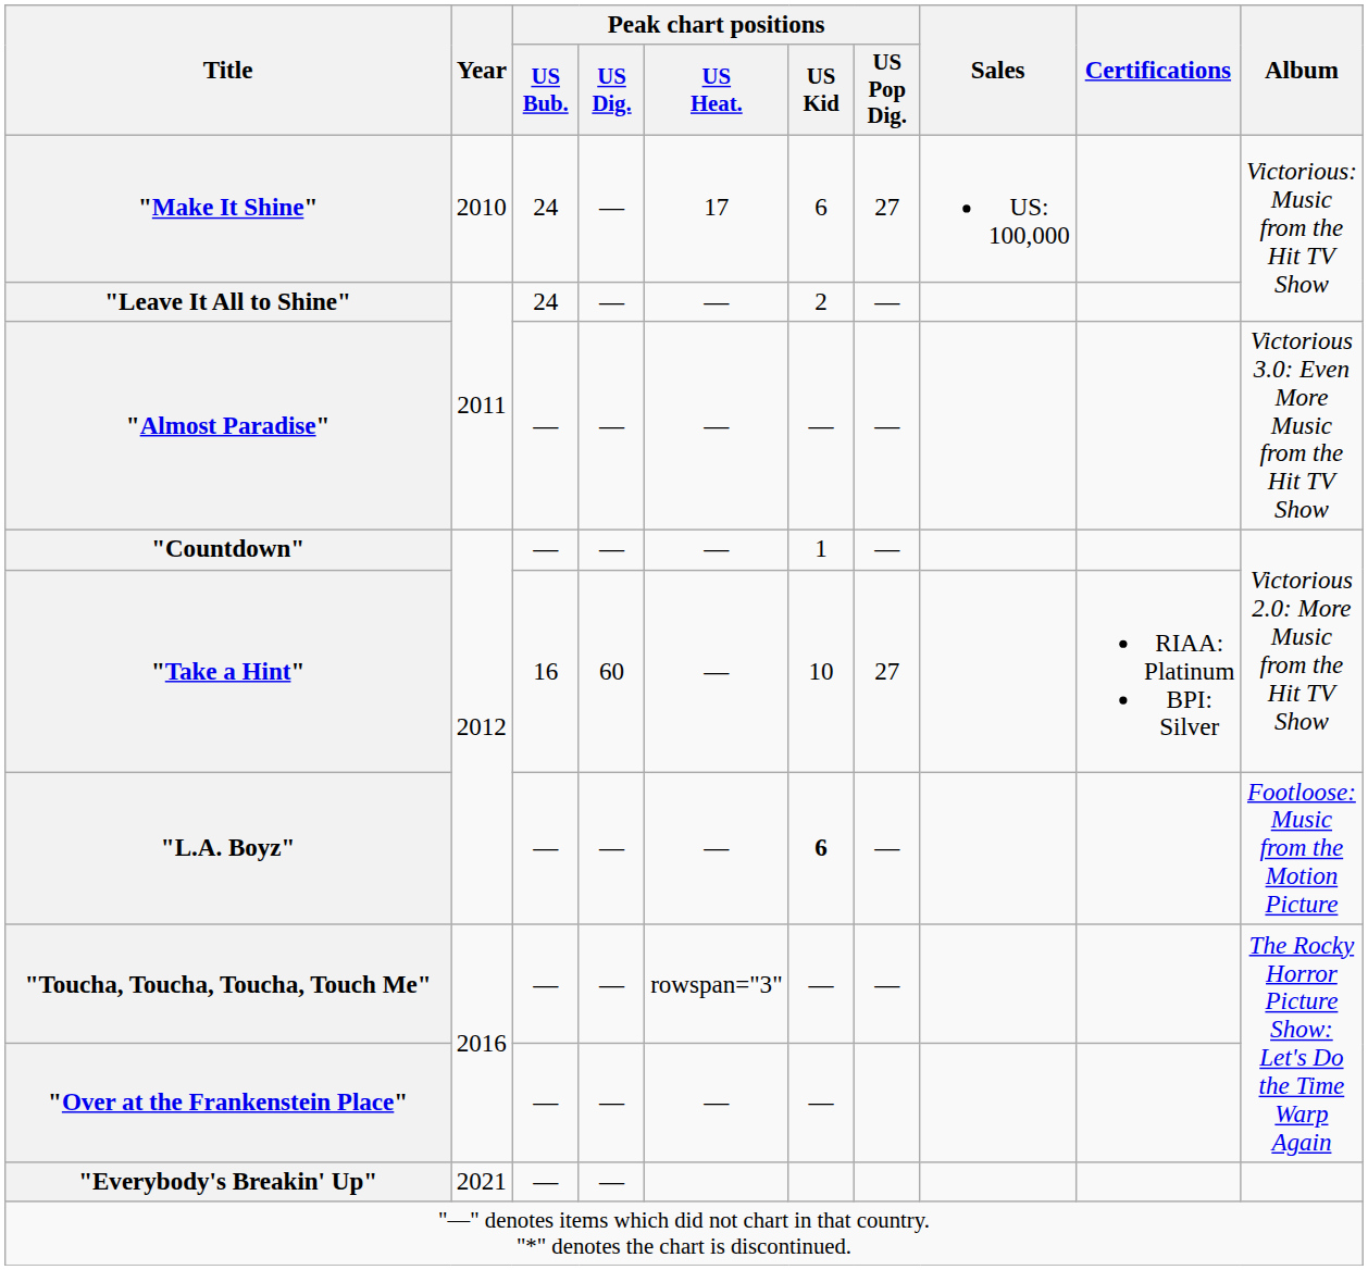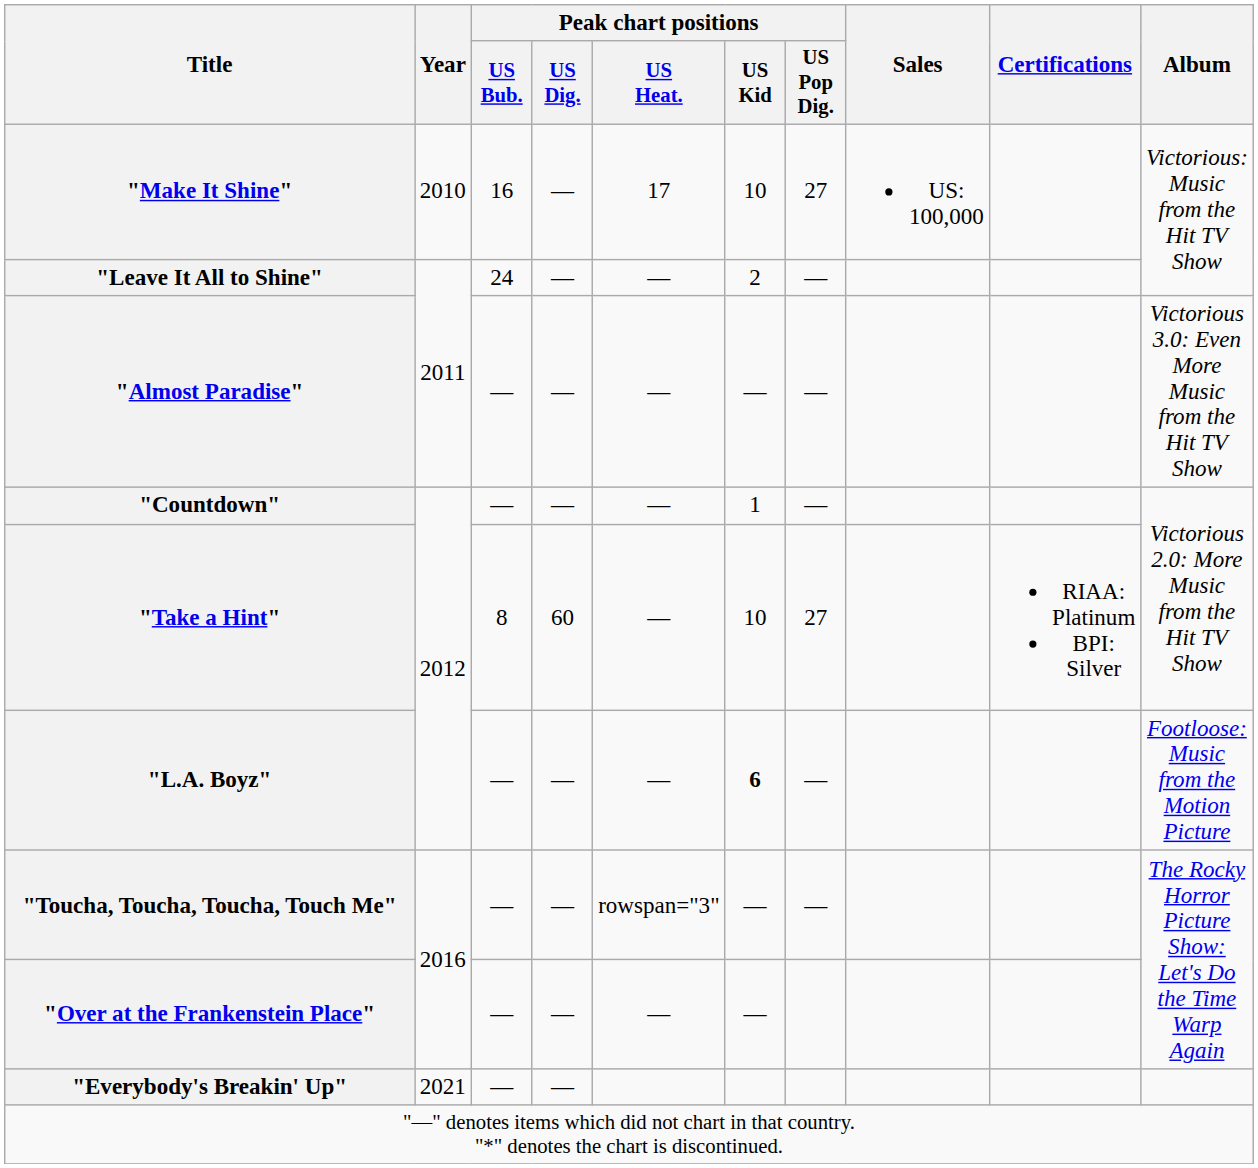 <table class="wikitable plainrowheaders" style="text-align:center;">
 <tr>
 <th scope="col" rowspan="2" style="width:18em;">Title</th>
 <th scope="col" rowspan="2">Year</th>
 <th scope="col" colspan="5">Peak chart positions</th>
 <th scope="col" rowspan="2">Sales</th>
 <th scope="col" rowspan="2"><a href='#'>Certifications</a></th>
 <th scope="col" rowspan="2">Album</th>
 </tr>
 <tr>
 <th scope="col" style="width:2.5em;font-size:90%;"><a href='#'>US<br>Bub.</a><br></th>
 <th scope="col" style="width:2.5em;font-size:90%;"><a href='#'>US<br>Dig.</a><br></th>
 <th scope="col" style="width:2.5em;font-size:90%;"><a href='#'>US<br>Heat.</a><br></th>
 <th scope="col" style="width:2.5em;font-size:90%;">US<br>Kid<br></th>
 <th scope="col" style="width:2.5em;font-size:90%;">US<br>Pop Dig.<br></th>
 </tr>
 <tr>
 <th scope="row">"<a href='#'>Make It Shine</a>"<br></th>
 <td>2010</td>
-<td>24</td>
+<td>16</td>
 <td>—</td>
 <td>17</td>
-<td>6</td>
+<td>10</td>
 <td>27</td>
 <td><br><ul><li>US: 100,000</li></ul></td>
 <td></td>
 <td rowspan="2"><em>Victorious: Music from the Hit TV Show</em></td>
 </tr>
 <tr>
 <th scope="row">"Leave It All to Shine"<br></th>
 <td rowspan="2">2011</td>
 <td>24</td>
 <td>—</td>
 <td>—</td>
 <td>2</td>
 <td>—</td>
 <td></td>
 <td></td>
 </tr>
 <tr>
 <th scope="row">"<a href='#'>Almost Paradise</a>"<br></th>
 <td>—</td>
 <td>—</td>
 <td>—</td>
 <td>—</td>
 <td>—</td>
 <td></td>
 <td></td>
 <td><em>Victorious 3.0: Even More Music from the Hit TV Show</em></td>
 </tr>
 <tr>
 <th scope="row">"Countdown"<br></th>
 <td rowspan="3">2012</td>
 <td>—</td>
 <td>—</td>
 <td>—</td>
 <td>1</td>
 <td>—</td>
 <td></td>
 <td></td>
 <td rowspan="2"><em>Victorious 2.0: More Music from the Hit TV Show</em></td>
 </tr>
 <tr>
 <th scope="row">"<a href='#'>Take a Hint</a>"<br></th>
-<td>16</td>
+<td>8</td>
 <td>60</td>
 <td>—</td>
 <td>10</td>
 <td>27</td>
 <td></td>
 <td><br><ul><li>RIAA: Platinum</li><li>BPI: Silver</li></ul></td>
 </tr>
 <tr>
 <th scope="row">"L.A. Boyz"<br></th>
 <td>—</td>
 <td>—</td>
 <td>—</td>
 <td><strong>6</strong></td>
 <td>—</td>
 <td></td>
 <td></td>
 <td><em><a href='#'>Footloose: Music from the Motion Picture</a></em></td>
 </tr>
 <tr>
 <th scope="row">"Toucha, Toucha, Toucha, Touch Me"</th>
 <td rowspan="2">2016</td>
 <td>—</td>
 <td>—</td>
 <td>rowspan="3" </td>
 <td>—</td>
 <td>—</td>
 <td></td>
 <td></td>
 <td rowspan="2"><em><a href='#'>The Rocky Horror Picture Show: Let's Do the Time Warp Again</a></em></td>
 </tr>
 <tr>
 <th scope="row">"<a href='#'>Over at the Frankenstein Place</a>"<br></th>
 <td>—</td>
 <td>—</td>
 <td>—</td>
 <td>—</td>
 <td></td>
 <td></td>
 </tr>
 <tr>
 <th scope="row">"Everybody's Breakin' Up"</th>
 <td>2021</td>
 <td>—</td>
 <td>—</td>
 <td></td>
 <td></td>
 <td></td>
 <td></td>
 <td></td>
 </tr>
 <tr>
 <td colspan="10" style="text-align:center; font-size:90%;">"—" denotes items which did not chart in that country.<br>"*" denotes the chart is discontinued.</td>
 </tr>
 </table>
